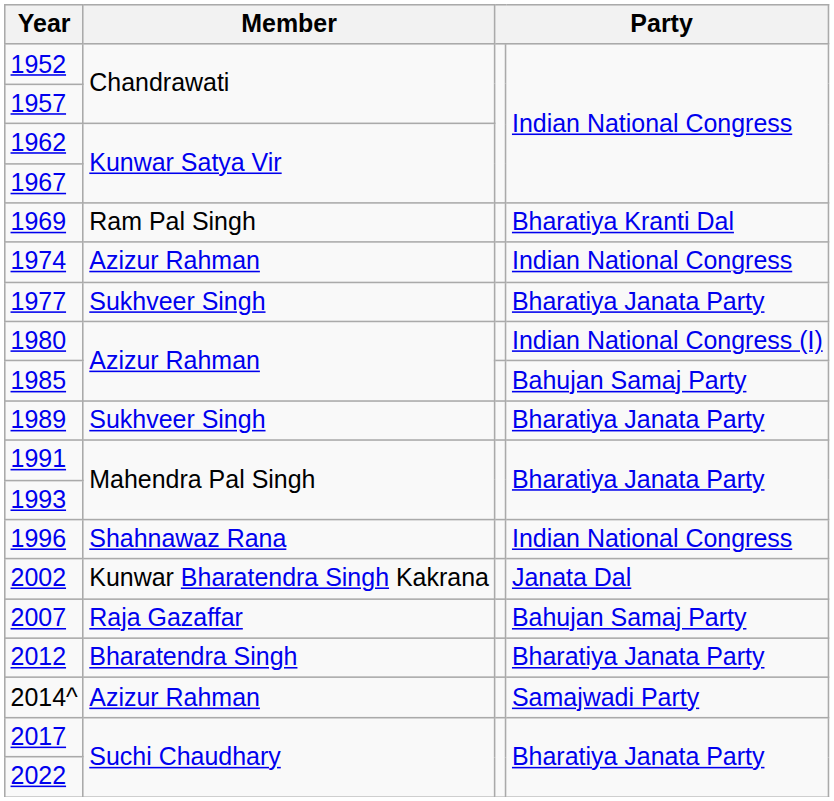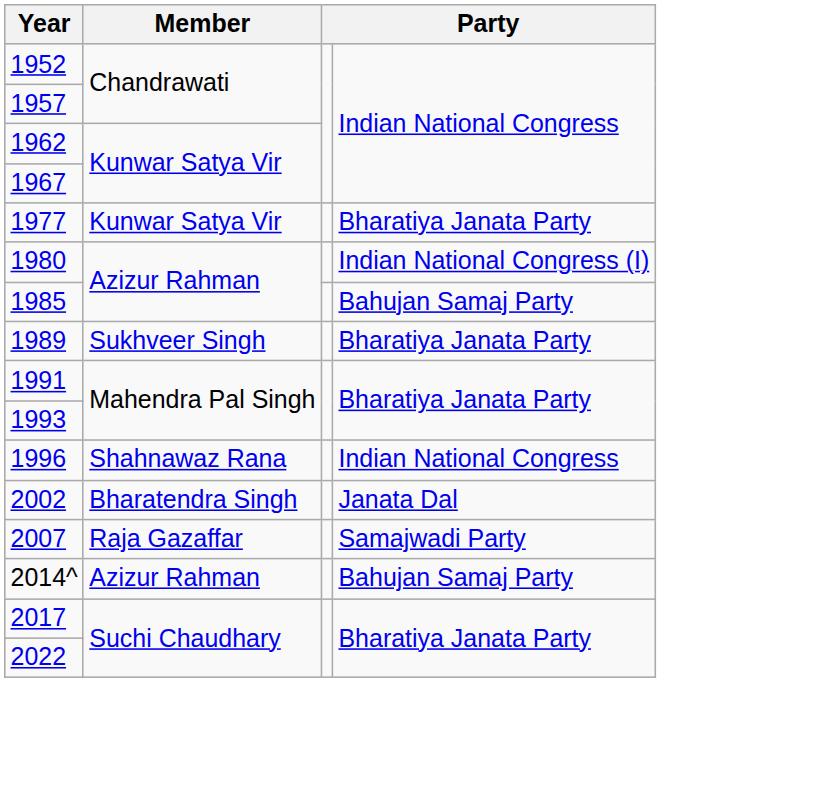 <table class="wikitable">
 <tr>
 <th>Year</th>
 <th>Member</th>
 <th colspan="2">Party</th>
 </tr>
 <tr>
 <td><a href='#'>1952</a></td>
 <td rowspan="2">Chandrawati</td>
 <td rowspan="4" style="background-color: "></td>
 <td rowspan="4"><a href='#'>Indian National Congress</a></td>
 </tr>
 <tr>
 <td><a href='#'>1957</a></td>
 </tr>
 <tr>
 <td><a href='#'>1962</a></td>
 <td rowspan="2"><a href='#'>Kunwar Satya Vir</a></td>
 </tr>
 <tr>
 <td><a href='#'>1967</a></td>
 </tr>
 <tr>
-<td><a href='#'>1969</a></td>
-<td>Ram Pal Singh</td>
-<td style="background-color: "></td>
-<td><a href='#'>Bharatiya Kranti Dal</a></td>
-</tr>
-<tr>
-<td><a href='#'>1974</a></td>
-<td><a href='#'>Azizur Rahman</a></td>
-<td style="background-color: "></td>
-<td><a href='#'>Indian National Congress</a></td>
-</tr>
-<tr>
 <td><a href='#'>1977</a></td>
-<td><a href='#'>Sukhveer Singh</a></td>
+<td><a href='#'>Kunwar Satya Vir</a></td>
 <td style="background-color: "></td>
 <td><a href='#'>Bharatiya Janata Party</a></td>
 </tr>
 <tr>
 <td><a href='#'>1980</a></td>
 <td rowspan="2"><a href='#'>Azizur Rahman</a></td>
 <td style="background-color: "></td>
 <td><a href='#'>Indian National Congress (I)</a></td>
 </tr>
 <tr>
 <td><a href='#'>1985</a></td>
 <td style="background-color: "></td>
 <td><a href='#'>Bahujan Samaj Party</a></td>
 </tr>
 <tr>
 <td><a href='#'>1989</a></td>
 <td><a href='#'>Sukhveer Singh</a></td>
 <td style="background-color: "></td>
 <td><a href='#'>Bharatiya Janata Party</a></td>
 </tr>
 <tr>
 <td><a href='#'>1991</a></td>
 <td rowspan="2">Mahendra Pal Singh</td>
 <td rowspan="2" style="background-color: "></td>
 <td rowspan="2"><a href='#'>Bharatiya Janata Party</a></td>
 </tr>
 <tr>
 <td><a href='#'>1993</a></td>
 </tr>
 <tr>
 <td><a href='#'>1996</a></td>
 <td><a href='#'>Shahnawaz Rana</a></td>
 <td style="background-color: "></td>
 <td><a href='#'>Indian National Congress</a></td>
 </tr>
 <tr>
 <td><a href='#'>2002</a></td>
-<td>Kunwar <a href='#'>Bharatendra Singh</a> Kakrana</td>
+<td><a href='#'>Bharatendra Singh</a></td>
 <td style="background-color: "></td>
 <td><a href='#'>Janata Dal</a></td>
 </tr>
 <tr>
 <td><a href='#'>2007</a></td>
 <td><a href='#'>Raja Gazaffar</a></td>
 <td style="background-color: "></td>
-<td><a href='#'>Bahujan Samaj Party</a></td>
-</tr>
-<tr>
-<td><a href='#'>2012</a></td>
-<td><a href='#'>Bharatendra Singh</a></td>
-<td style="background-color: "></td>
-<td><a href='#'>Bharatiya Janata Party</a></td>
+<td><a href='#'>Samajwadi Party</a></td>
 </tr>
 <tr>
 <td>2014^</td>
 <td><a href='#'>Azizur Rahman</a></td>
 <td style="background-color: "></td>
-<td><a href='#'>Samajwadi Party</a></td>
+<td><a href='#'>Bahujan Samaj Party</a></td>
 </tr>
 <tr>
 <td><a href='#'>2017</a></td>
 <td rowspan="2"><a href='#'>Suchi Chaudhary</a></td>
 <td rowspan="2" style="background-color: "></td>
 <td rowspan="2"><a href='#'>Bharatiya Janata Party</a></td>
 </tr>
 <tr>
 <td><a href='#'>2022</a></td>
 </tr>
 </table>
